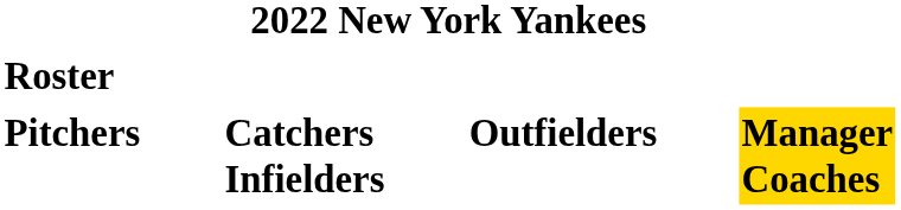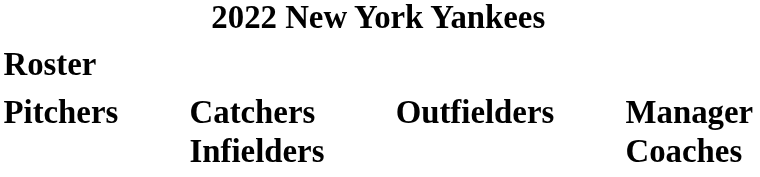 <table class="toccolours" style="font-size: 95%;">
 <tr>
 <th colspan="10">2022 New York Yankees</th>
 </tr>
 <tr>
 <td colspan="10"><strong>Roster</strong></td>
 </tr>
 <tr>
 <td valign="top"><strong>Pitchers</strong><br>                               </td>
 <td style="width:25px;"></td>
 <td valign="top"><strong>Catchers</strong><br>   <strong>Infielders</strong>        </td>
 <td style="width:25px;"></td>
 <td valign="top"><strong>Outfielders</strong><br>          </td>
 <td style="width:25px;"></td>
-<td valign="top" style="background: gold;"><strong>Manager</strong><br> <strong>Coaches</strong>                         </td>
+<td valign="top"><strong>Manager</strong><br> <strong>Coaches</strong>                         </td>
 </tr>
 </table>
